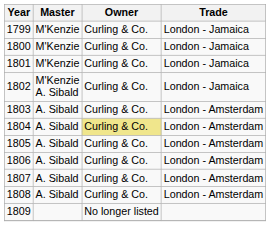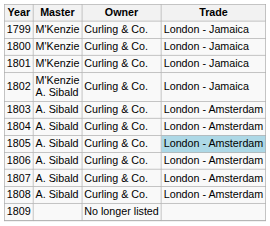 <table class="sortable wikitable">
 <tr>
 <th>Year</th>
 <th>Master</th>
 <th>Owner</th>
 <th>Trade</th>
 </tr>
 <tr>
 <td>1799</td>
 <td>M'Kenzie</td>
 <td>Curling  & Co.</td>
 <td>London - Jamaica</td>
 </tr>
 <tr>
 <td>1800</td>
 <td>M'Kenzie</td>
 <td>Curling  & Co.</td>
 <td>London - Jamaica</td>
 </tr>
 <tr>
 <td>1801</td>
 <td>M'Kenzie</td>
 <td>Curling  & Co.</td>
 <td>London - Jamaica</td>
 </tr>
 <tr>
 <td>1802</td>
 <td>M'Kenzie<br>A. Sibald</td>
 <td>Curling  & Co.</td>
 <td>London - Jamaica</td>
 </tr>
 <tr>
 <td>1803</td>
 <td>A. Sibald</td>
 <td>Curling  & Co.</td>
 <td>London - Amsterdam</td>
 </tr>
 <tr>
 <td>1804</td>
 <td>A. Sibald</td>
-<td style="background: khaki;">Curling  & Co.</td>
+<td>Curling  & Co.</td>
 <td>London - Amsterdam</td>
 </tr>
 <tr>
 <td>1805</td>
 <td>A. Sibald</td>
 <td>Curling  & Co.</td>
-<td>London - Amsterdam</td>
+<td style="background: lightblue;">London - Amsterdam</td>
 </tr>
 <tr>
 <td>1806</td>
 <td>A. Sibald</td>
 <td>Curling  & Co.</td>
 <td>London - Amsterdam</td>
 </tr>
 <tr>
 <td>1807</td>
 <td>A. Sibald</td>
 <td>Curling  & Co.</td>
 <td>London - Amsterdam</td>
 </tr>
 <tr>
 <td>1808</td>
 <td>A. Sibald</td>
 <td>Curling  & Co.</td>
 <td>London - Amsterdam</td>
 </tr>
 <tr>
 <td>1809</td>
 <td></td>
 <td>No longer listed</td>
 <td></td>
 </tr>
 <tr>
 </tr>
 </table>
